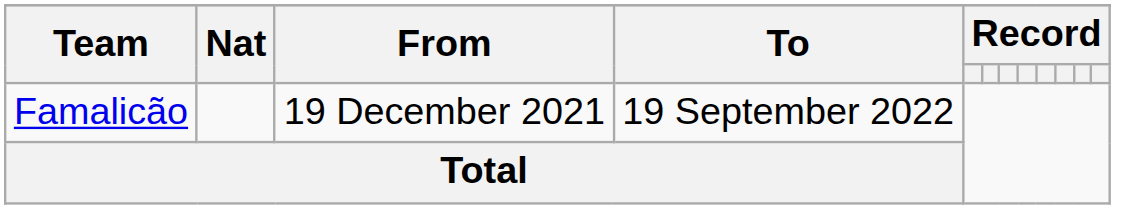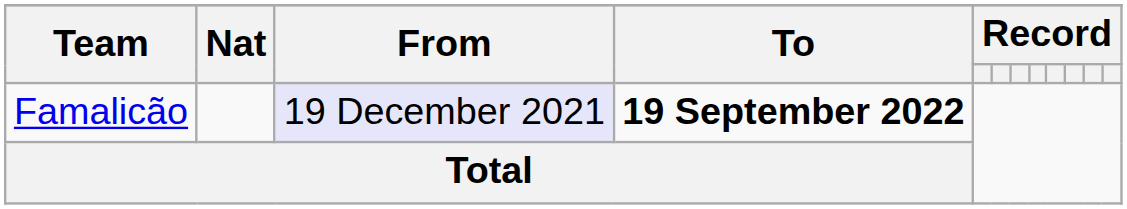 <table class="wikitable" style="text-align: center">
 <tr>
 </tr>
 <tr>
 <th rowspan="2">Team</th>
 <th rowspan="2">Nat</th>
 <th rowspan="2">From</th>
 <th rowspan="2">To</th>
 <th colspan="8">Record</th>
 </tr>
 <tr>
 <th></th>
 <th></th>
 <th></th>
 <th></th>
 <th></th>
 <th></th>
 <th></th>
 <th></th>
 </tr>
 <tr>
 <td align=left><a href='#'>Famalicão</a></td>
 <td></td>
-<td align=left>19 December 2021</td>
-<td align=left>19 September 2022<br></td>
+<td align=left style="background: lavender;">19 December 2021</td>
+<td align=left><strong>19 September 2022<br></strong></td>
 </tr>
 <tr>
 <th colspan="4">Total<br></th>
 </tr>
 </table>
